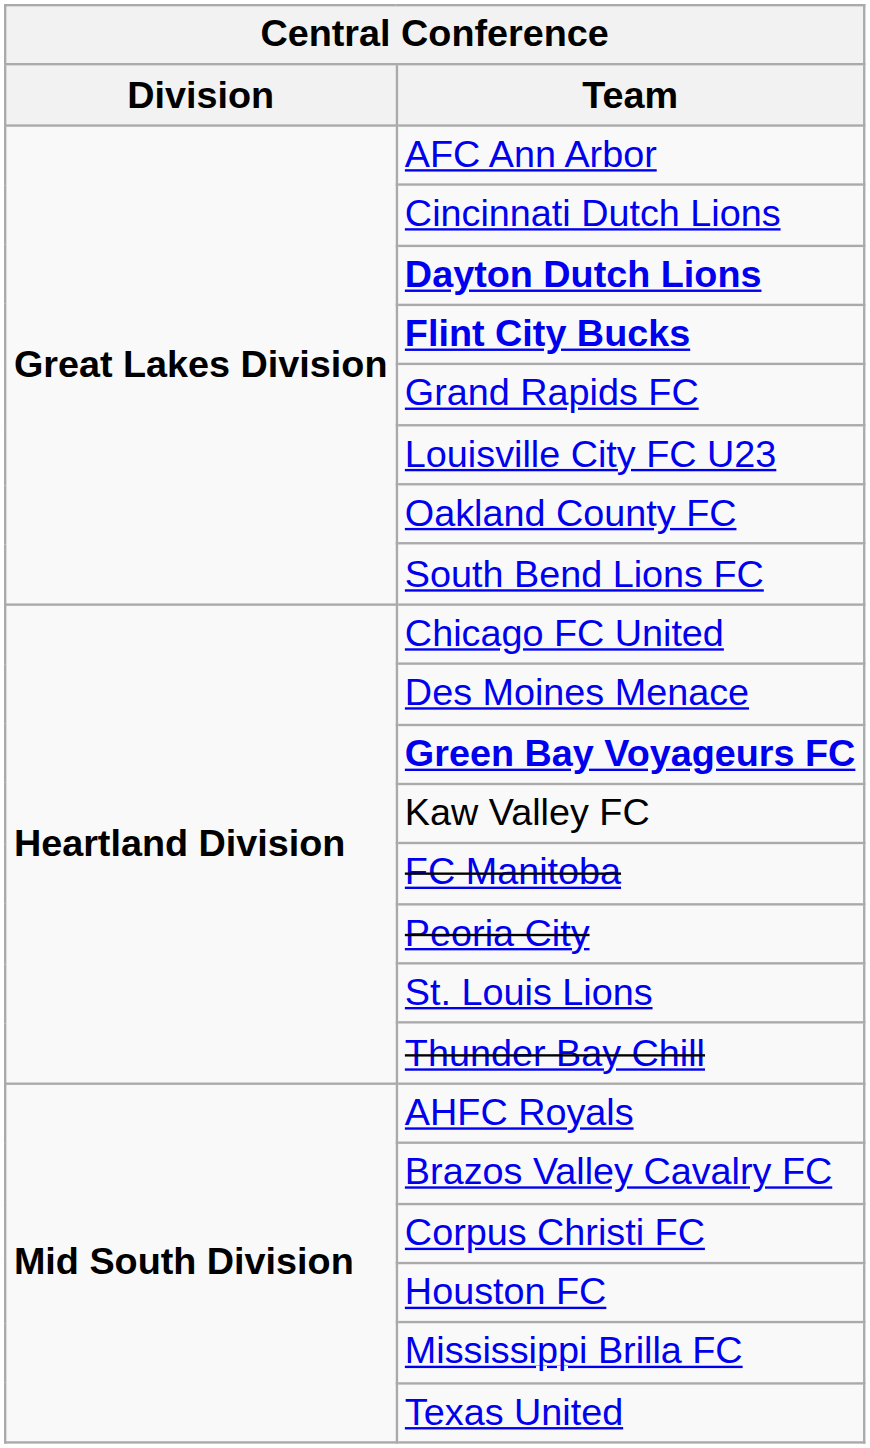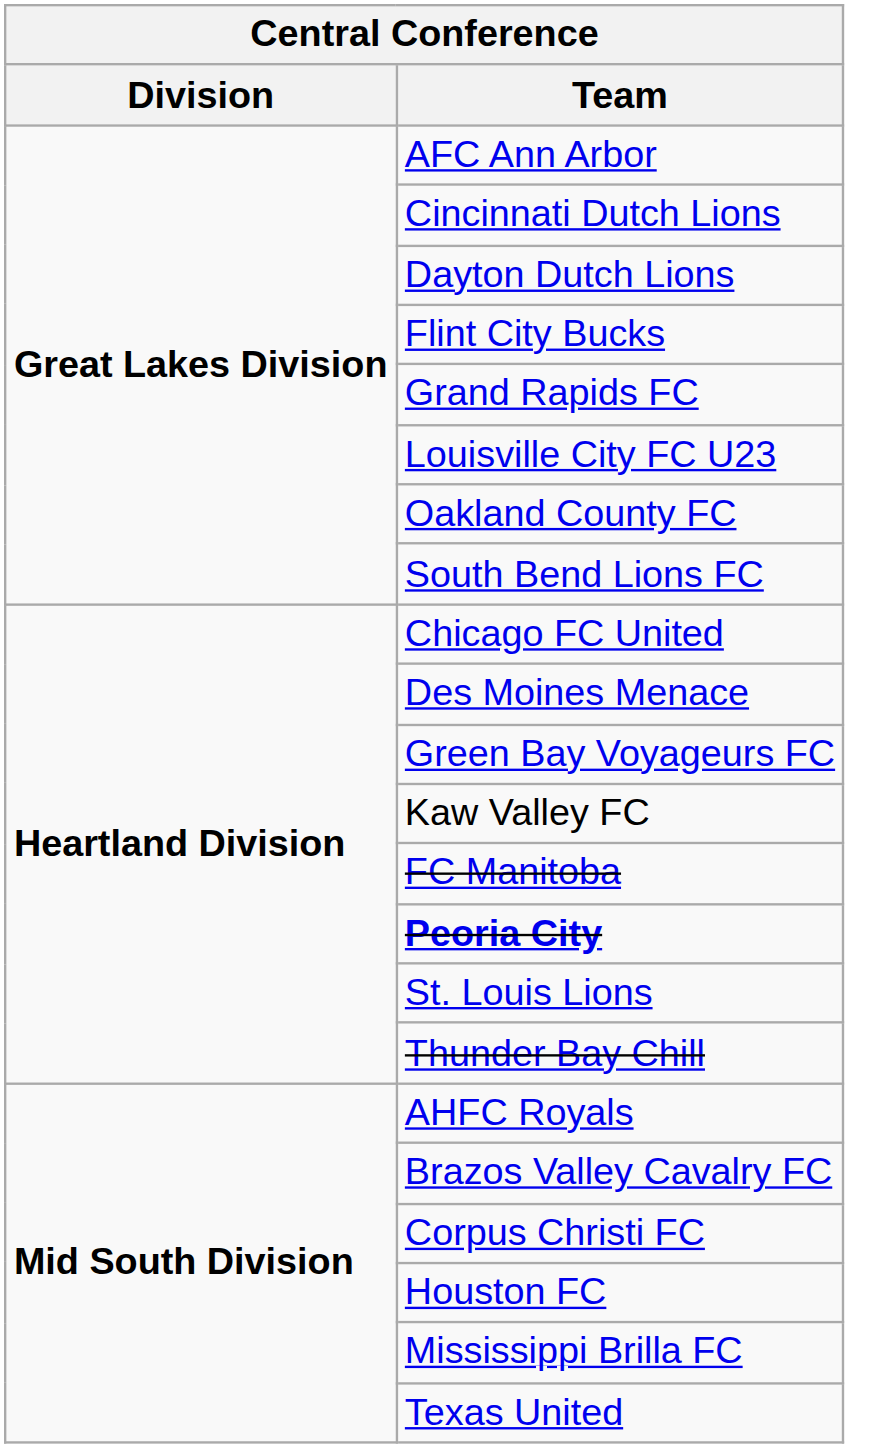 <table class="wikitable" style="text-align:left">
 <tr>
 <th colspan=3>Central Conference</th>
 </tr>
 <tr>
 <th>Division</th>
 <th>Team</th>
 </tr>
 <tr>
 <td rowspan=8><strong>Great Lakes Division</strong></td>
 <td><a href='#'>AFC Ann Arbor</a></td>
 </tr>
 <tr>
 <td><a href='#'>Cincinnati Dutch Lions</a></td>
 </tr>
 <tr>
-<td><strong><a href='#'>Dayton Dutch Lions</a></strong></td>
+<td><a href='#'>Dayton Dutch Lions</a></td>
 </tr>
 <tr>
-<td><strong><a href='#'>Flint City Bucks</a></strong></td>
+<td><a href='#'>Flint City Bucks</a></td>
 </tr>
 <tr>
 <td><a href='#'>Grand Rapids FC</a></td>
 </tr>
 <tr>
 <td><a href='#'>Louisville City FC U23</a></td>
 </tr>
 <tr>
 <td><a href='#'>Oakland County FC</a></td>
 </tr>
 <tr>
 <td><a href='#'>South Bend Lions FC</a></td>
 </tr>
 <tr>
 <td rowspan=8><strong>Heartland Division</strong></td>
 <td><a href='#'>Chicago FC United</a></td>
 </tr>
 <tr>
 <td><a href='#'>Des Moines Menace</a></td>
 </tr>
 <tr>
-<td><strong><a href='#'>Green Bay Voyageurs FC</a></strong></td>
+<td><a href='#'>Green Bay Voyageurs FC</a></td>
 </tr>
 <tr>
 <td>Kaw Valley FC</td>
 </tr>
 <tr>
 <td><s><a href='#'>FC Manitoba</a></s></td>
 </tr>
 <tr>
-<td><s><a href='#'>Peoria City</a></s></td>
+<td><strong><s><a href='#'>Peoria City</a></s></strong></td>
 </tr>
 <tr>
 <td><a href='#'>St. Louis Lions</a></td>
 </tr>
 <tr>
 <td><s><a href='#'>Thunder Bay Chill</a></s></td>
 </tr>
 <tr>
 <td rowspan=6><strong>Mid South Division</strong></td>
 <td><a href='#'>AHFC Royals</a></td>
 </tr>
 <tr>
 <td><a href='#'>Brazos Valley Cavalry FC</a></td>
 </tr>
 <tr>
 <td><a href='#'>Corpus Christi FC</a></td>
 </tr>
 <tr>
 <td><a href='#'>Houston FC</a></td>
 </tr>
 <tr>
 <td><a href='#'>Mississippi Brilla FC</a></td>
 </tr>
 <tr>
 <td><a href='#'>Texas United</a></td>
 </tr>
 </table>
